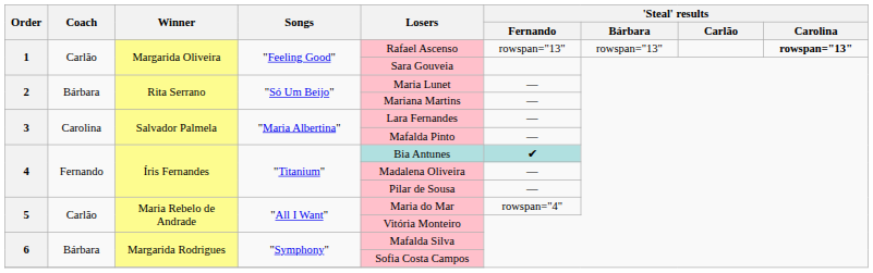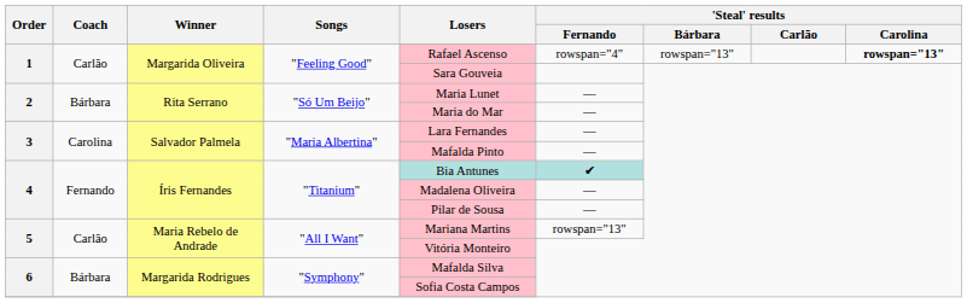 <table class="wikitable" style="text-align:center; line-height:17px; width:95%">
 <tr>
 <th rowspan="2" width="02%">Order</th>
 <th rowspan="2" width="05%">Coach</th>
 <th rowspan="2" width="10%">Winner</th>
 <th rowspan="2" width="10%">Songs</th>
 <th rowspan="2" width="10%">Losers</th>
 <th colspan="4" width="00%">'Steal' results</th>
 </tr>
 <tr>
 <th style="width: 7%">Fernando</th>
 <th style="width: 7%">Bárbara</th>
 <th style="width: 7%">Carlão</th>
 <th style="width: 7%">Carolina</th>
 </tr>
 <tr>
 <th rowspan="2">1</th>
 <td rowspan="2">Carlão</td>
 <td rowspan="2" style="background:#fdfc8f">Margarida Oliveira</td>
 <td rowspan="2">"<a href='#'>Feeling Good</a>"</td>
 <td style="background: pink">Rafael Ascenso</td>
-<td>rowspan="13" </td>
+<td>rowspan="4" </td>
 <td>rowspan="13" </td>
 <td></td>
 <td><strong>rowspan="13" </strong></td>
 </tr>
 <tr>
 <td style="background: pink">Sara Gouveia</td>
 <td></td>
 </tr>
 <tr>
 <th rowspan="2">2</th>
 <td rowspan="2">Bárbara</td>
 <td rowspan="2" style="background:#fdfc8f">Rita Serrano</td>
 <td rowspan="2">"<a href='#'>Só Um Beijo</a>"</td>
 <td style="background: pink">Maria Lunet</td>
 <td>—</td>
 </tr>
 <tr>
-<td style="background: pink">Mariana Martins</td>
+<td style="background: pink">Maria do Mar</td>
 <td>—</td>
 </tr>
 <tr>
 <th rowspan="2">3</th>
 <td rowspan="2">Carolina</td>
 <td rowspan="2" style="background:#fdfc8f">Salvador Palmela</td>
 <td rowspan="2">"<a href='#'>Maria Albertina</a>"</td>
 <td style="background: pink">Lara Fernandes</td>
 <td>—</td>
 </tr>
 <tr>
 <td style="background: pink">Mafalda Pinto</td>
 <td>—</td>
 </tr>
 <tr>
 <th rowspan="3">4</th>
 <td rowspan="3">Fernando</td>
 <td rowspan="3" style="background:#fdfc8f">Íris Fernandes</td>
 <td rowspan="3">"<a href='#'>Titanium</a>"</td>
 <td style="background:#b0e0e0">Bia Antunes</td>
 <td style="background:#b0e0e0">✔</td>
 </tr>
 <tr>
 <td style="background: pink">Madalena Oliveira</td>
 <td>—</td>
 </tr>
 <tr>
 <td style="background: pink">Pilar de Sousa</td>
 <td>—</td>
 </tr>
 <tr>
 <th rowspan="2">5</th>
 <td rowspan="2">Carlão</td>
 <td rowspan="2" style="background:#fdfc8f">Maria Rebelo de Andrade</td>
 <td rowspan="2">"<a href='#'>All I Want</a>"</td>
-<td style="background: pink">Maria do Mar</td>
-<td>rowspan="4" </td>
+<td style="background: pink">Mariana Martins</td>
+<td>rowspan="13" </td>
 </tr>
 <tr>
 <td style="background: pink">Vitória Monteiro</td>
 </tr>
 <tr>
 <th rowspan="2">6</th>
 <td rowspan="2">Bárbara</td>
 <td rowspan="2" style="background:#fdfc8f">Margarida Rodrigues</td>
 <td rowspan="2">"<a href='#'>Symphony</a>"</td>
 <td style="background: pink">Mafalda Silva</td>
 </tr>
 <tr>
 <td style="background: pink">Sofia Costa Campos</td>
 </tr>
 <tr>
 </tr>
 </table>
